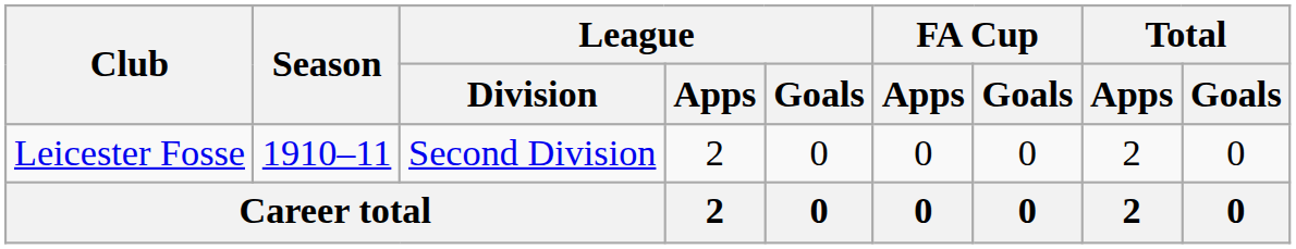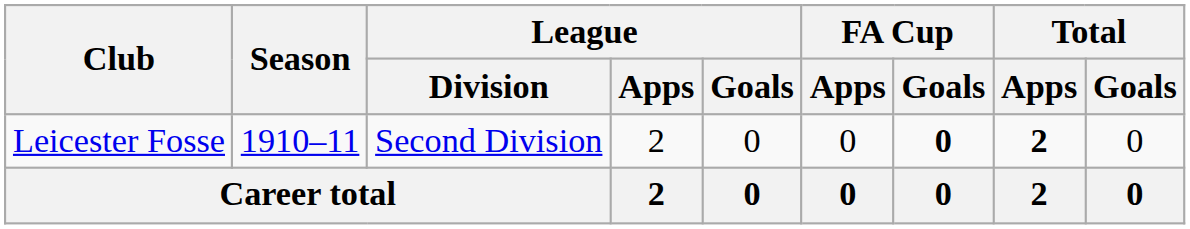 <table class="wikitable" style="text-align: center;">
 <tr>
 <th rowspan="2">Club</th>
 <th rowspan="2">Season</th>
 <th colspan="3">League</th>
 <th colspan="2">FA Cup</th>
 <th colspan="2">Total</th>
 </tr>
 <tr>
 <th>Division</th>
 <th>Apps</th>
 <th>Goals</th>
 <th>Apps</th>
 <th>Goals</th>
 <th>Apps</th>
 <th>Goals</th>
 </tr>
 <tr>
 <td><a href='#'>Leicester Fosse</a></td>
 <td><a href='#'>1910–11</a></td>
 <td><a href='#'>Second Division</a></td>
 <td>2</td>
 <td>0</td>
 <td>0</td>
-<td>0</td>
-<td>2</td>
+<td><strong>0</strong></td>
+<td><strong>2</strong></td>
 <td>0</td>
 </tr>
 <tr>
 <th colspan="3">Career total</th>
 <th>2</th>
 <th>0</th>
 <th>0</th>
 <th>0</th>
 <th>2</th>
 <th>0</th>
 </tr>
 </table>
